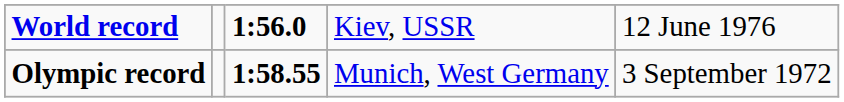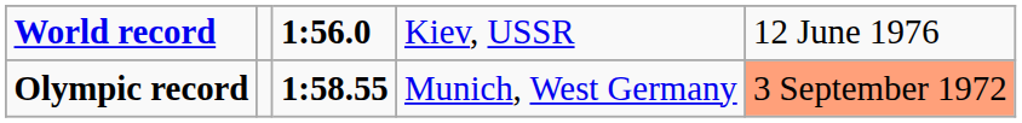 <table class="wikitable">
 <tr>
 <td><strong><a href='#'>World record</a></strong></td>
 <td></td>
 <td><strong>1:56.0</strong></td>
 <td><a href='#'>Kiev</a>, <a href='#'>USSR</a></td>
 <td>12 June 1976</td>
 </tr>
 <tr>
 <td><strong>Olympic record</strong></td>
 <td></td>
 <td><strong>1:58.55</strong></td>
 <td><a href='#'>Munich</a>, <a href='#'>West Germany</a></td>
-<td>3 September 1972</td>
+<td style="background: lightsalmon;">3 September 1972</td>
 </tr>
 </table>
